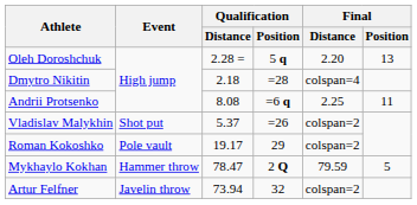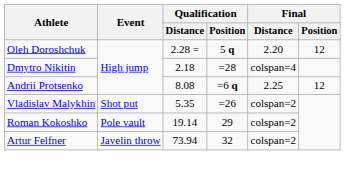 <table class=wikitable style=font-size:90%>
 <tr>
 <th rowspan=2>Athlete</th>
 <th rowspan=2>Event</th>
 <th colspan=2>Qualification</th>
 <th colspan=2>Final</th>
 </tr>
 <tr style=font-size:95%>
 <th>Distance</th>
 <th>Position</th>
 <th>Distance</th>
 <th>Position</th>
 </tr>
 <tr align=center>
 <td align=left><a href='#'>Oleh Doroshchuk</a></td>
 <td align=left rowspan=3><a href='#'>High jump</a></td>
 <td>2.28 =</td>
 <td>5 <strong>q</strong></td>
 <td>2.20</td>
-<td>13</td>
+<td>12</td>
 </tr>
 <tr align=center>
 <td align=left><a href='#'>Dmytro Nikitin</a></td>
 <td>2.18</td>
 <td>=28</td>
 <td>colspan=4 </td>
 </tr>
 <tr align=center>
 <td align=left><a href='#'>Andrii Protsenko</a></td>
 <td>8.08</td>
 <td>=6 <strong>q</strong></td>
 <td>2.25</td>
-<td>11</td>
+<td>12</td>
 </tr>
 <tr align=center>
 <td align=left><a href='#'>Vladislav Malykhin</a></td>
 <td align=left><a href='#'>Shot put</a></td>
-<td>5.37</td>
+<td>5.35</td>
 <td>=26</td>
 <td>colspan=2 </td>
 </tr>
 <tr align=center>
 <td align=left><a href='#'>Roman Kokoshko</a></td>
 <td align=left><a href='#'>Pole vault</a></td>
-<td>19.17</td>
+<td>19.14</td>
 <td>29</td>
 <td>colspan=2 </td>
-</tr>
-<tr align=center>
-<td align=left><a href='#'>Mykhaylo Kokhan</a></td>
-<td align=left><a href='#'>Hammer throw</a></td>
-<td>78.47</td>
-<td>2 <strong>Q</strong></td>
-<td>79.59 </td>
-<td>5</td>
 </tr>
 <tr align=center>
 <td align=left><a href='#'>Artur Felfner</a></td>
 <td align=left><a href='#'>Javelin throw</a></td>
 <td>73.94</td>
 <td>32</td>
 <td>colspan=2 </td>
 </tr>
 </table>
